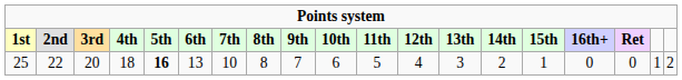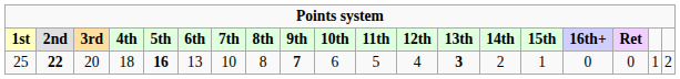 <table border="2" cellpadding="2" cellspacing="0" style="margin:0 1em 0 0; background:#f9f9f9; border:1px #aaa solid; border-collapse:collapse; font-size:85%; text-align:center">
 <tr>
 <th colspan="19">Points system</th>
 </tr>
 <tr>
 <td style="background:#ffffbf;"> <strong>1st</strong> </td>
 <td style="background:#dfdfdf;"> <strong>2nd</strong> </td>
 <td style="background:#ffdf9f;"> <strong>3rd</strong> </td>
 <td style="background:#dfffdf;"> <strong>4th</strong> </td>
 <td style="background:#dfffdf;"> <strong>5th</strong> </td>
 <td style="background:#dfffdf;"> <strong>6th</strong> </td>
 <td style="background:#dfffdf;"> <strong>7th</strong> </td>
 <td style="background:#dfffdf;"> <strong>8th</strong> </td>
 <td style="background:#dfffdf;"> <strong>9th</strong> </td>
 <td style="background:#dfffdf;"> <strong>10th</strong> </td>
 <td style="background:#dfffdf;"> <strong>11th</strong> </td>
 <td style="background:#dfffdf;"> <strong>12th</strong> </td>
 <td style="background:#dfffdf;"> <strong>13th</strong> </td>
 <td style="background:#dfffdf;"> <strong>14th</strong> </td>
 <td style="background:#dfffdf;"> <strong>15th</strong> </td>
 <td style="background:#CFCFFF;"> <strong>16th+</strong> </td>
 <td style="background:#efcfff;"> <strong>Ret</strong> </td>
 <th></th>
 <th></th>
 </tr>
 <tr>
 <td>25</td>
-<td>22</td>
+<td><strong>22</strong></td>
 <td>20</td>
 <td>18</td>
 <td><strong>16</strong></td>
 <td>13</td>
 <td>10</td>
 <td>8</td>
-<td>7</td>
+<td><strong>7</strong></td>
 <td>6</td>
 <td>5</td>
 <td>4</td>
-<td>3</td>
+<td><strong>3</strong></td>
 <td>2</td>
 <td>1</td>
 <td>0</td>
 <td>0</td>
 <td>1</td>
 <td>2</td>
 </tr>
 </table>
